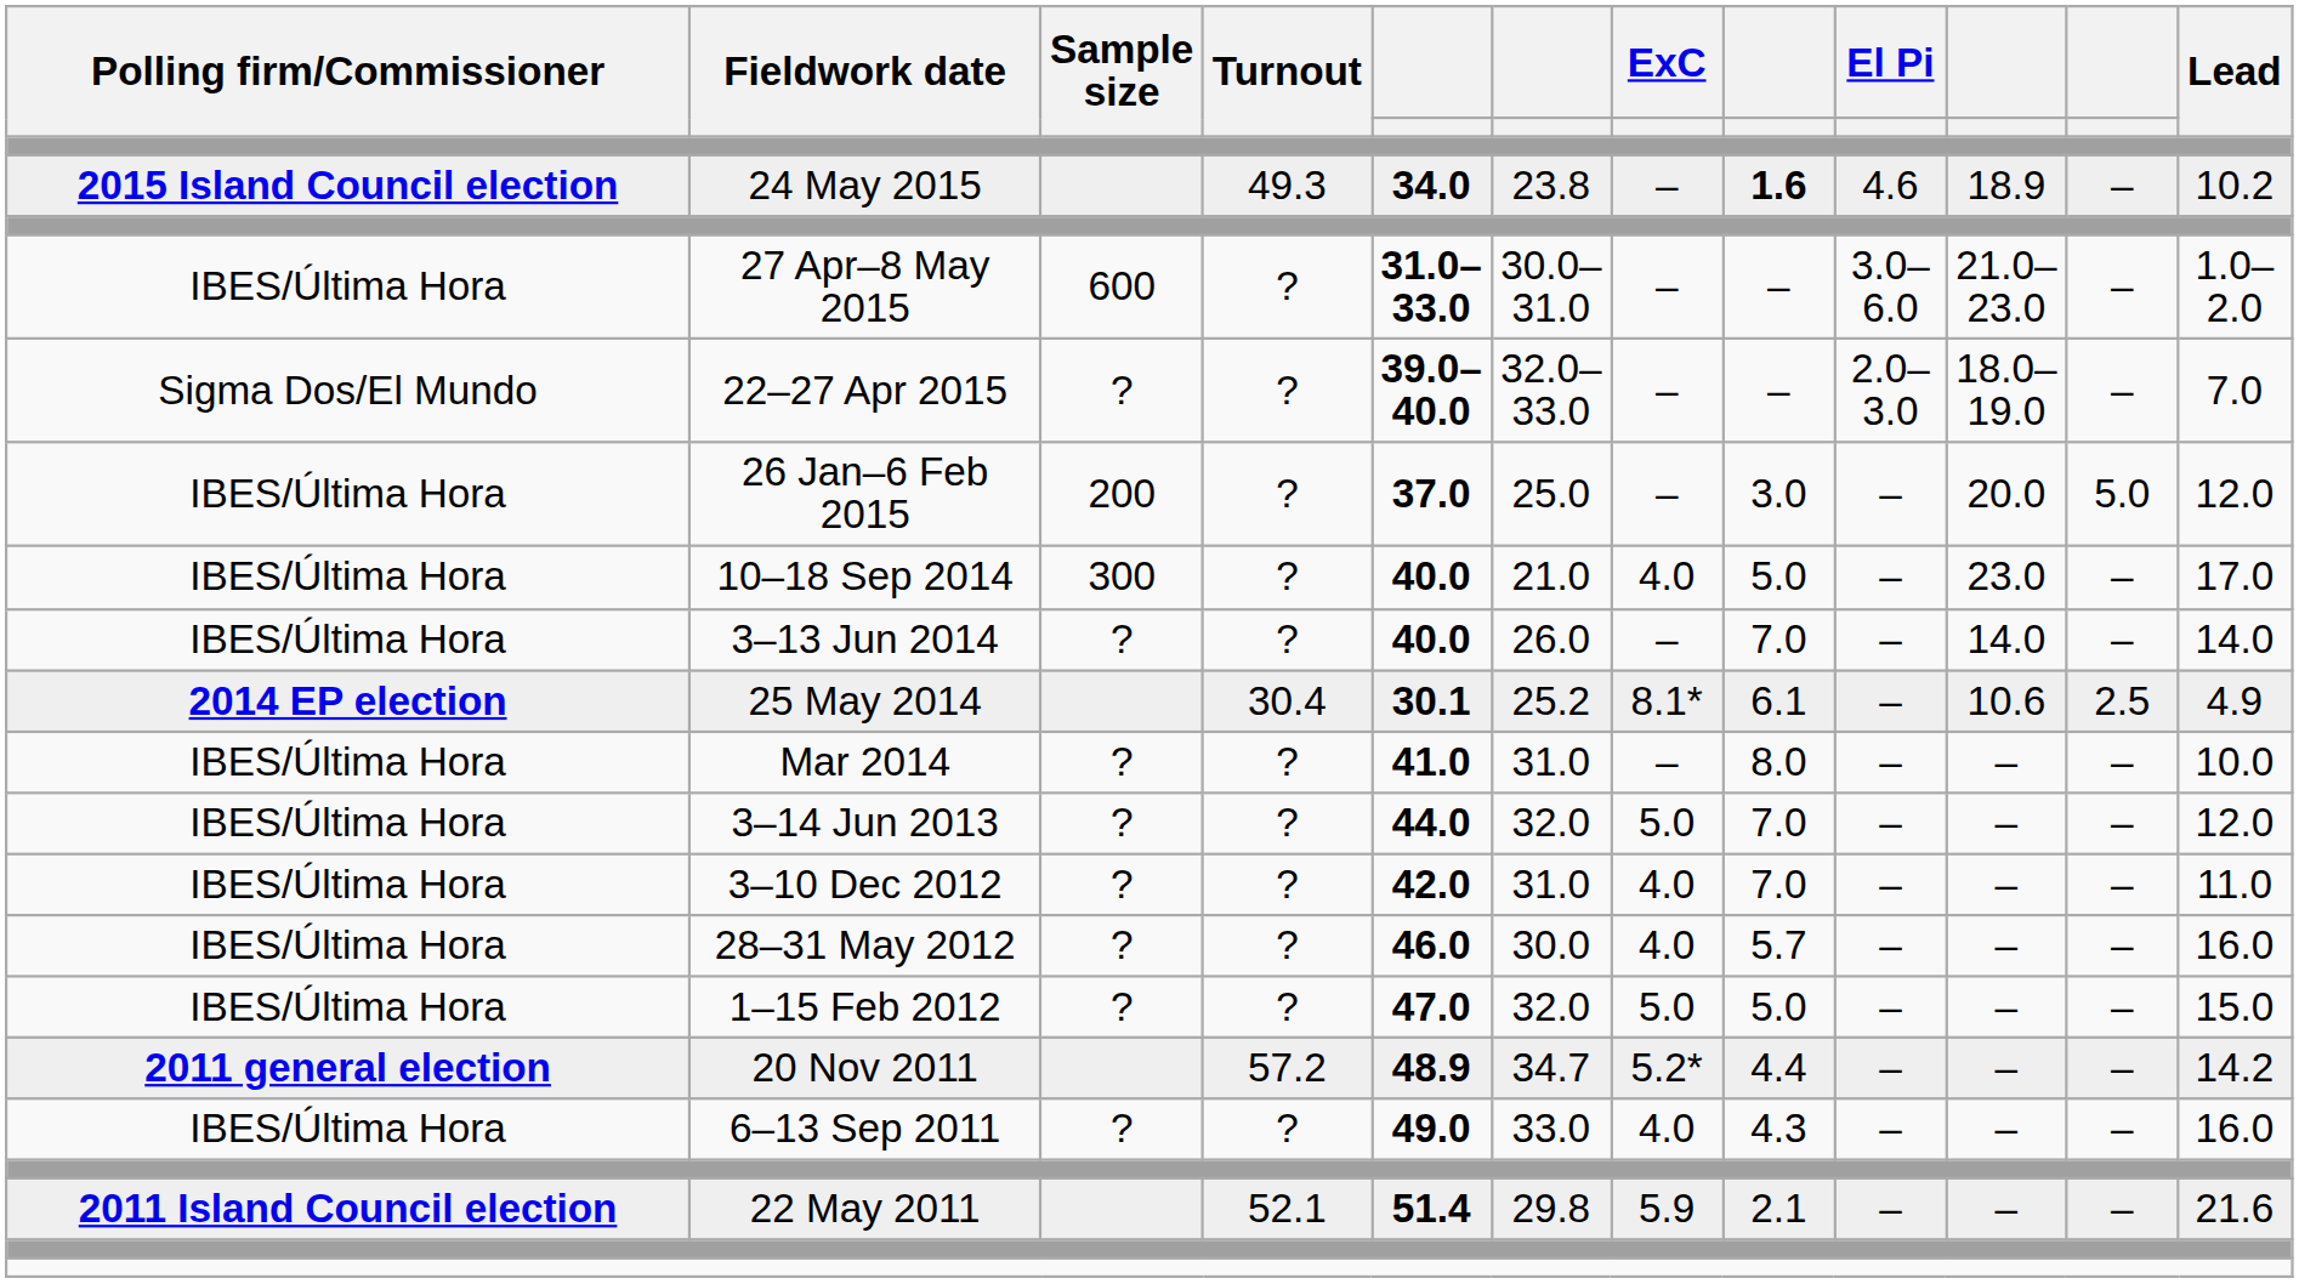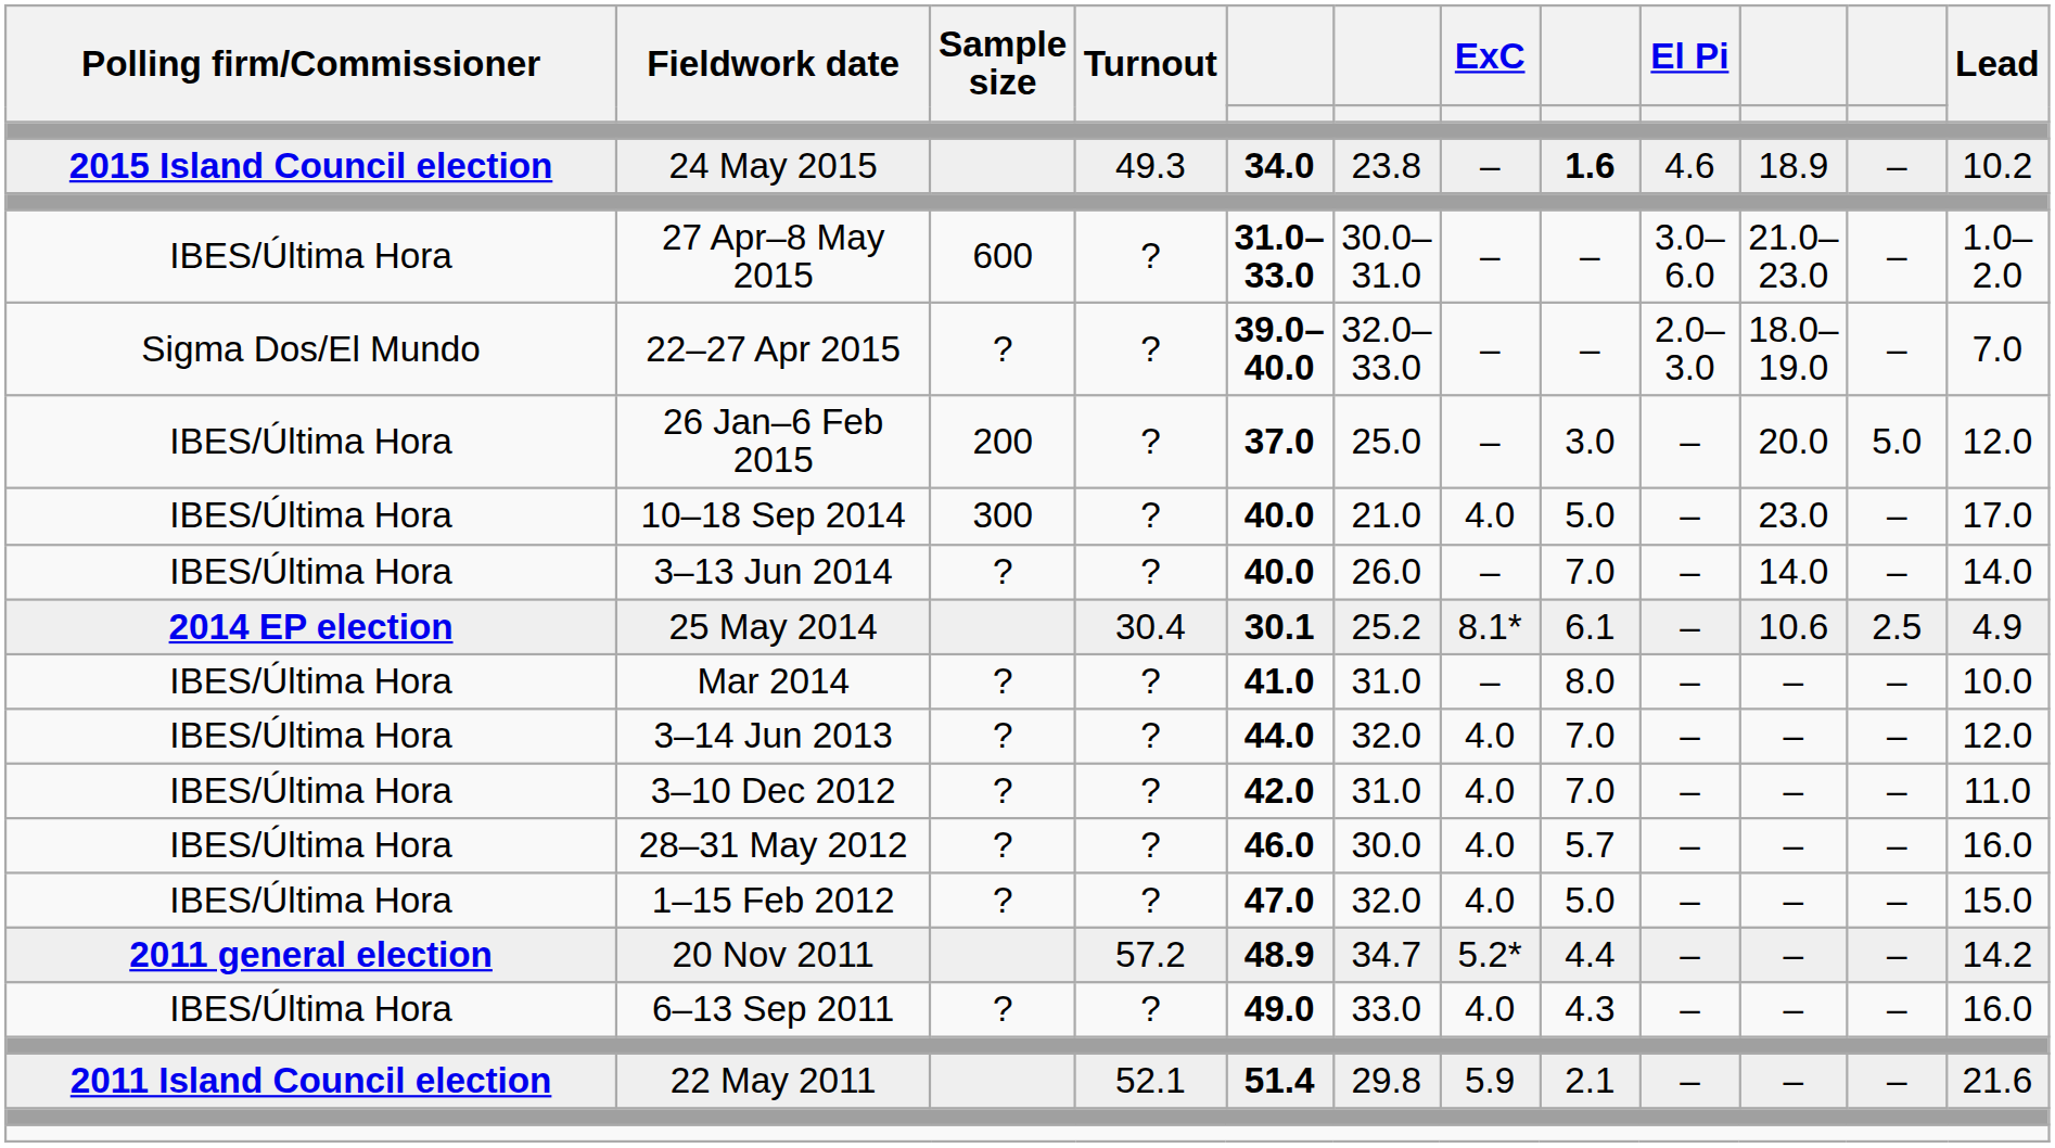 <table class="wikitable collapsible collapsed" style="text-align:center; font-size:95%; line-height:16px;">
 <tr style="height:42px;">
 <th style="width:250px;" rowspan="2">Polling firm/Commissioner</th>
 <th style="width:125px;" rowspan="2">Fieldwork date</th>
 <th style="width:50px;" rowspan="2">Sample size</th>
 <th style="width:45px;" rowspan="2">Turnout</th>
 <th style="width:35px;"></th>
 <th style="width:35px;"></th>
 <th style="width:35px;"><a href='#'>ExC</a></th>
 <th style="width:35px;"></th>
 <th style="width:35px;"><a href='#'>El Pi</a></th>
 <th style="width:35px;"></th>
 <th style="width:35px;"></th>
 <th style="width:30px;" rowspan="2">Lead</th>
 </tr>
 <tr>
 <th style="color:inherit;background:"></th>
 <th style="color:inherit;background:"></th>
 <th style="color:inherit;background:"></th>
 <th style="color:inherit;background:"></th>
 <th style="color:inherit;background:"></th>
 <th style="color:inherit;background:"></th>
 <th style="color:inherit;background:"></th>
 </tr>
 <tr>
 <td colspan="12" style="background:#A0A0A0"></td>
 </tr>
 <tr style="background:#EFEFEF;">
 <td><strong><a href='#'>2015 Island Council election</a></strong></td>
 <td>24 May 2015</td>
 <td></td>
 <td>49.3</td>
 <td><strong>34.0</strong><br></td>
 <td>23.8<br></td>
 <td>–</td>
 <td><strong>1.6<br></strong></td>
 <td>4.6<br></td>
 <td>18.9<br></td>
 <td>–</td>
 <td style="background:">10.2</td>
 </tr>
 <tr>
 <td colspan="12" style="background:#A0A0A0"></td>
 </tr>
 <tr>
 <td>IBES/Última Hora</td>
 <td>27 Apr–8 May 2015</td>
 <td>600</td>
 <td>?</td>
 <td><strong>31.0–<br>33.0</strong><br></td>
 <td>30.0–<br>31.0<br></td>
 <td>–</td>
 <td>–</td>
 <td>3.0–<br>6.0<br></td>
 <td>21.0–<br>23.0<br></td>
 <td>–</td>
 <td style="background:">1.0–<br>2.0</td>
 </tr>
 <tr>
 <td>Sigma Dos/El Mundo</td>
 <td>22–27 Apr 2015</td>
 <td>?</td>
 <td>?</td>
 <td><strong>39.0–<br>40.0</strong><br></td>
 <td>32.0–<br>33.0<br></td>
 <td>–</td>
 <td>–</td>
 <td>2.0–<br>3.0<br></td>
 <td>18.0–<br>19.0<br></td>
 <td>–</td>
 <td style="background:">7.0</td>
 </tr>
 <tr>
 <td>IBES/Última Hora</td>
 <td>26 Jan–6 Feb 2015</td>
 <td>200</td>
 <td>?</td>
 <td><strong>37.0</strong><br></td>
 <td>25.0<br></td>
 <td>–</td>
 <td>3.0<br></td>
 <td>–</td>
 <td>20.0<br></td>
 <td>5.0<br></td>
 <td style="background:">12.0</td>
 </tr>
 <tr>
 <td>IBES/Última Hora</td>
 <td>10–18 Sep 2014</td>
 <td>300</td>
 <td>?</td>
 <td><strong>40.0</strong><br></td>
 <td>21.0<br></td>
 <td>4.0<br></td>
 <td>5.0<br></td>
 <td>–</td>
 <td>23.0<br></td>
 <td>–</td>
 <td style="background:">17.0</td>
 </tr>
 <tr>
 <td>IBES/Última Hora</td>
 <td>3–13 Jun 2014</td>
 <td>?</td>
 <td>?</td>
 <td><strong>40.0</strong><br></td>
 <td>26.0<br></td>
 <td>–</td>
 <td>7.0<br></td>
 <td>–</td>
 <td>14.0<br></td>
 <td>–</td>
 <td style="background:">14.0</td>
 </tr>
 <tr style="background:#EFEFEF;">
 <td><strong><a href='#'>2014 EP election</a></strong></td>
 <td>25 May 2014</td>
 <td></td>
 <td>30.4</td>
 <td><strong>30.1</strong><br></td>
 <td>25.2<br></td>
 <td>8.1*<br></td>
 <td>6.1<br></td>
 <td>–</td>
 <td>10.6<br></td>
 <td>2.5<br></td>
 <td style="background:">4.9</td>
 </tr>
 <tr>
 <td>IBES/Última Hora</td>
 <td>Mar 2014</td>
 <td>?</td>
 <td>?</td>
 <td><strong>41.0</strong></td>
 <td>31.0</td>
 <td>–</td>
 <td>8.0</td>
 <td>–</td>
 <td>–</td>
 <td>–</td>
 <td style="background:">10.0</td>
 </tr>
 <tr>
 <td>IBES/Última Hora</td>
 <td>3–14 Jun 2013</td>
 <td>?</td>
 <td>?</td>
 <td><strong>44.0</strong><br></td>
 <td>32.0<br></td>
-<td>5.0</td>
+<td>4.0<br></td>
 <td>7.0<br></td>
 <td>–</td>
 <td>–</td>
 <td>–</td>
 <td style="background:">12.0</td>
 </tr>
 <tr>
 <td>IBES/Última Hora</td>
 <td>3–10 Dec 2012</td>
 <td>?</td>
 <td>?</td>
 <td><strong>42.0</strong><br></td>
 <td>31.0<br></td>
 <td>4.0<br></td>
 <td>7.0<br></td>
 <td>–</td>
 <td>–</td>
 <td>–</td>
 <td style="background:">11.0</td>
 </tr>
 <tr>
 <td>IBES/Última Hora</td>
 <td>28–31 May 2012</td>
 <td>?</td>
 <td>?</td>
 <td><strong>46.0</strong></td>
 <td>30.0</td>
 <td>4.0</td>
 <td>5.7</td>
 <td>–</td>
 <td>–</td>
 <td>–</td>
 <td style="background:">16.0</td>
 </tr>
 <tr>
 <td>IBES/Última Hora</td>
 <td>1–15 Feb 2012</td>
 <td>?</td>
 <td>?</td>
 <td><strong>47.0</strong></td>
 <td>32.0</td>
-<td>5.0</td>
+<td>4.0<br></td>
 <td>5.0</td>
 <td>–</td>
 <td>–</td>
 <td>–</td>
 <td style="background:">15.0</td>
 </tr>
 <tr style="background:#EFEFEF;">
 <td><strong><a href='#'>2011 general election</a></strong></td>
 <td>20 Nov 2011</td>
 <td></td>
 <td>57.2</td>
 <td><strong>48.9</strong><br></td>
 <td>34.7<br></td>
 <td>5.2*<br></td>
 <td>4.4<br></td>
 <td>–</td>
 <td>–</td>
 <td>–</td>
 <td style="background:">14.2</td>
 </tr>
 <tr>
 <td>IBES/Última Hora</td>
 <td>6–13 Sep 2011</td>
 <td>?</td>
 <td>?</td>
 <td><strong>49.0</strong></td>
 <td>33.0</td>
 <td>4.0</td>
 <td>4.3</td>
 <td>–</td>
 <td>–</td>
 <td>–</td>
 <td style="background:">16.0</td>
 </tr>
 <tr>
 <td colspan="12" style="background:#A0A0A0"></td>
 </tr>
 <tr style="background:#EFEFEF;">
 <td><strong><a href='#'>2011 Island Council election</a></strong></td>
 <td>22 May 2011</td>
 <td></td>
 <td>52.1</td>
 <td><strong>51.4</strong><br></td>
 <td>29.8<br></td>
 <td>5.9<br></td>
 <td>2.1<br></td>
 <td>–</td>
 <td>–</td>
 <td>–</td>
 <td style="background:">21.6</td>
 </tr>
 <tr>
 <td colspan="12" style="background:#A0A0A0"></td>
 </tr>
 <tr>
 <td align="left" colspan="12"></td>
 </tr>
 </table>
